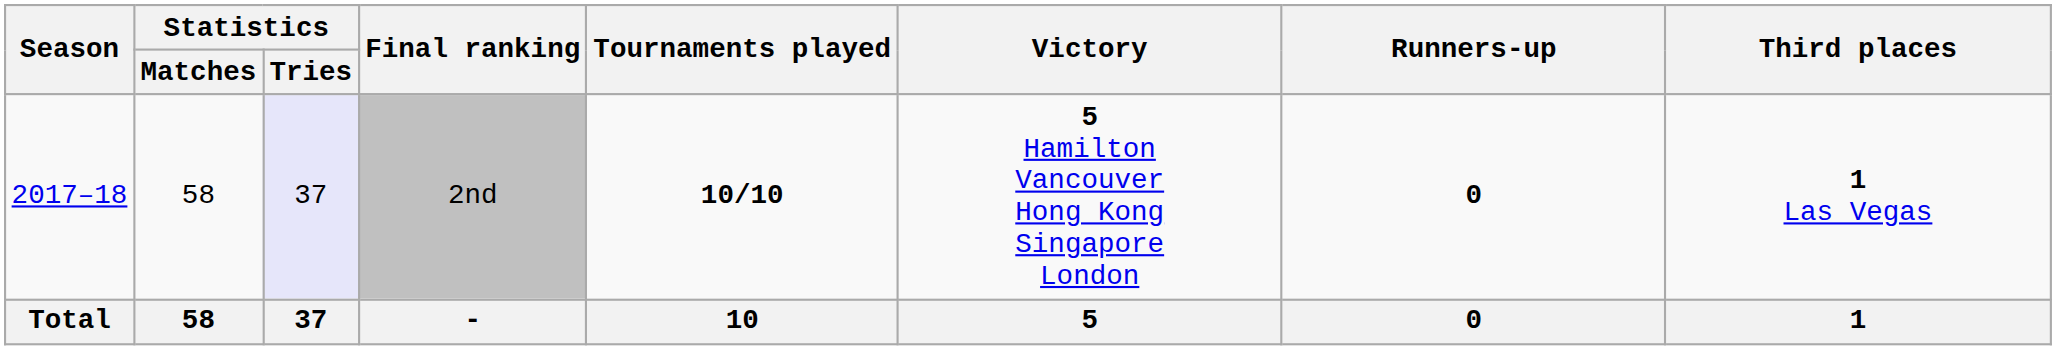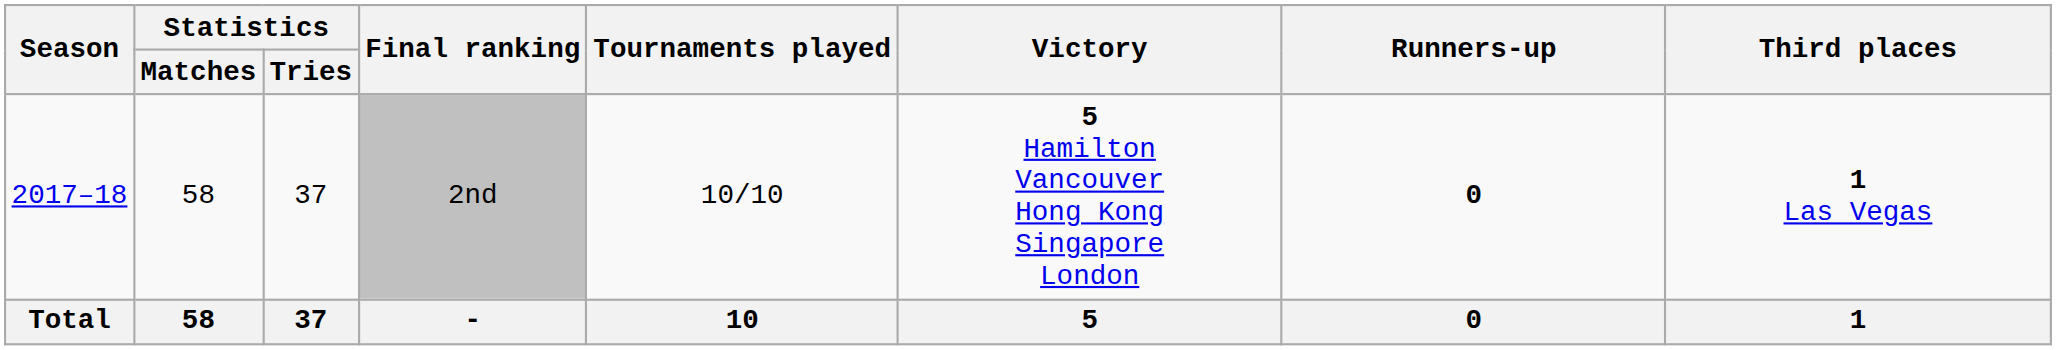 <table class="wikitable centre" style="text-align:center">
 <tr>
 <th rowspan="2" scope="col">Season</th>
 <th colspan="2">Statistics</th>
 <th rowspan="2">Final ranking</th>
 <th rowspan="2">Tournaments played</th>
 <th rowspan="2" style="width:175px;"> Victory</th>
 <th rowspan="2" style="width:175px;"> Runners-up</th>
 <th rowspan="2" style="width:175px;"> Third places</th>
 </tr>
 <tr>
 <th scope="col">Matches</th>
 <th scope="col">Tries</th>
 </tr>
 <tr>
 <td><a href='#'>2017–18</a></td>
 <td>58</td>
-<td style="background: lavender;">37</td>
+<td>37</td>
 <td bgcolor="Silver">2nd</td>
-<td><strong>10/10</strong></td>
+<td>10/10</td>
 <td><strong>5</strong><br> <a href='#'>Hamilton</a><br>  <a href='#'>Vancouver</a><br>  <a href='#'>Hong Kong</a><br>  <a href='#'>Singapore</a><br>  <a href='#'>London</a></td>
 <td><strong>0</strong></td>
 <td><strong>1</strong><br> <a href='#'>Las Vegas</a></td>
 </tr>
 <tr>
 <th>Total</th>
 <th>58</th>
 <th>37</th>
 <th>-</th>
 <th>10</th>
 <th>5</th>
 <th>0</th>
 <th>1</th>
 </tr>
 </table>
